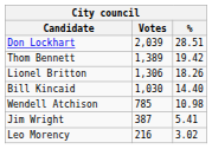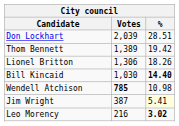 <table class="wikitable">
 <tr>
 <th colspan="3">City council</th>
 </tr>
 <tr>
 <th style="width: 170px">Candidate</th>
 <th style="width: 50px">Votes</th>
 <th style="width: 40px">%</th>
 </tr>
 <tr>
 <td><a href='#'>Don Lockhart</a></td>
 <td>2,039</td>
 <td>28.51</td>
 </tr>
 <tr>
 <td>Thom Bennett</td>
 <td>1,389</td>
 <td>19.42</td>
 </tr>
 <tr>
 <td>Lionel Britton</td>
 <td>1,306</td>
 <td>18.26</td>
 </tr>
 <tr>
 <td>Bill Kincaid</td>
 <td>1,030</td>
-<td>14.40</td>
+<td><strong>14.40</strong></td>
 </tr>
 <tr>
 <td>Wendell Atchison</td>
-<td>785</td>
+<td><strong>785</strong></td>
 <td>10.98</td>
 </tr>
 <tr>
 <td>Jim Wright</td>
 <td>387</td>
-<td>5.41</td>
+<td style="background: lightyellow;">5.41</td>
 </tr>
 <tr>
 <td>Leo Morency</td>
 <td>216</td>
-<td>3.02</td>
+<td><strong>3.02</strong></td>
 </tr>
 </table>
